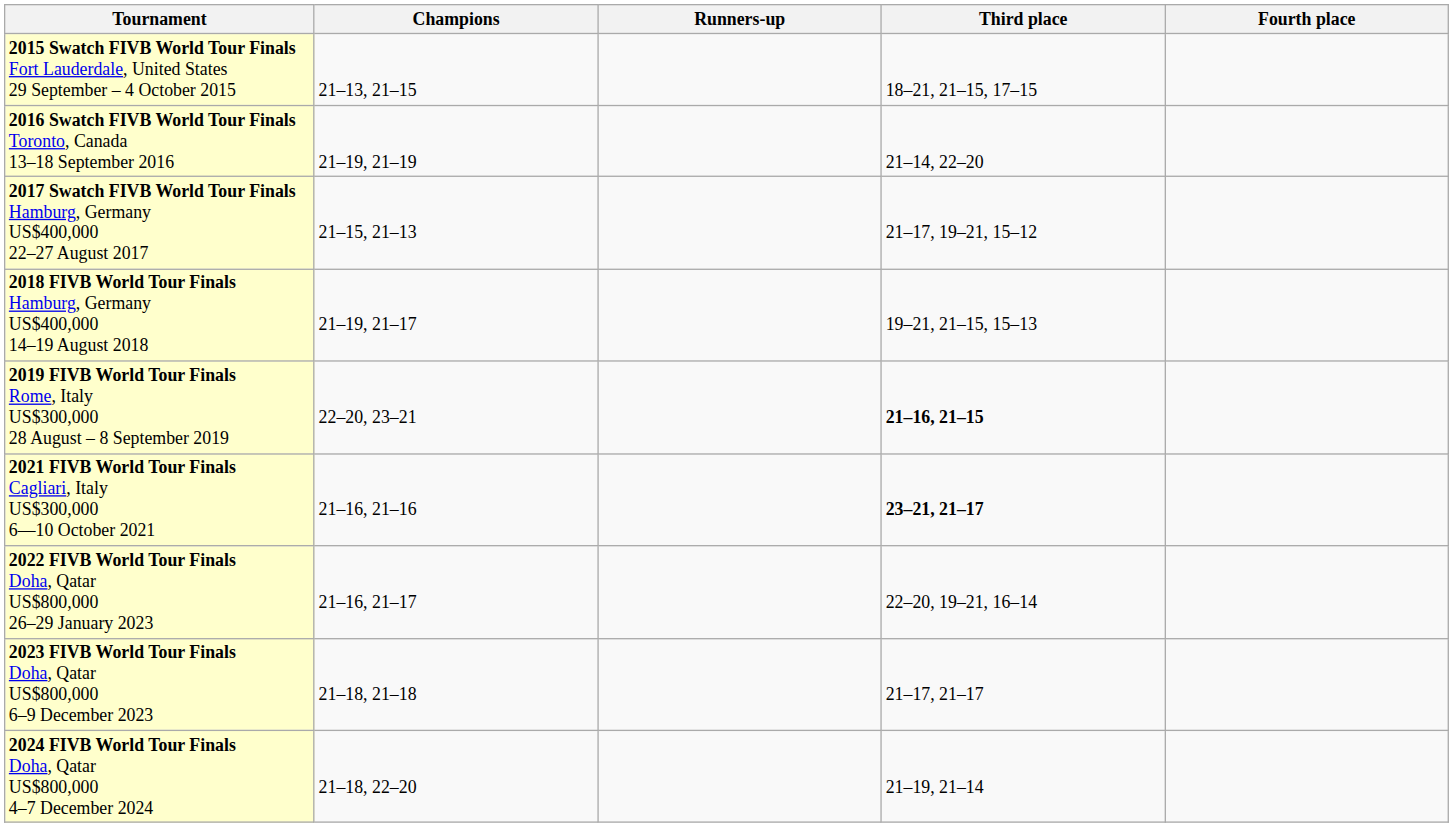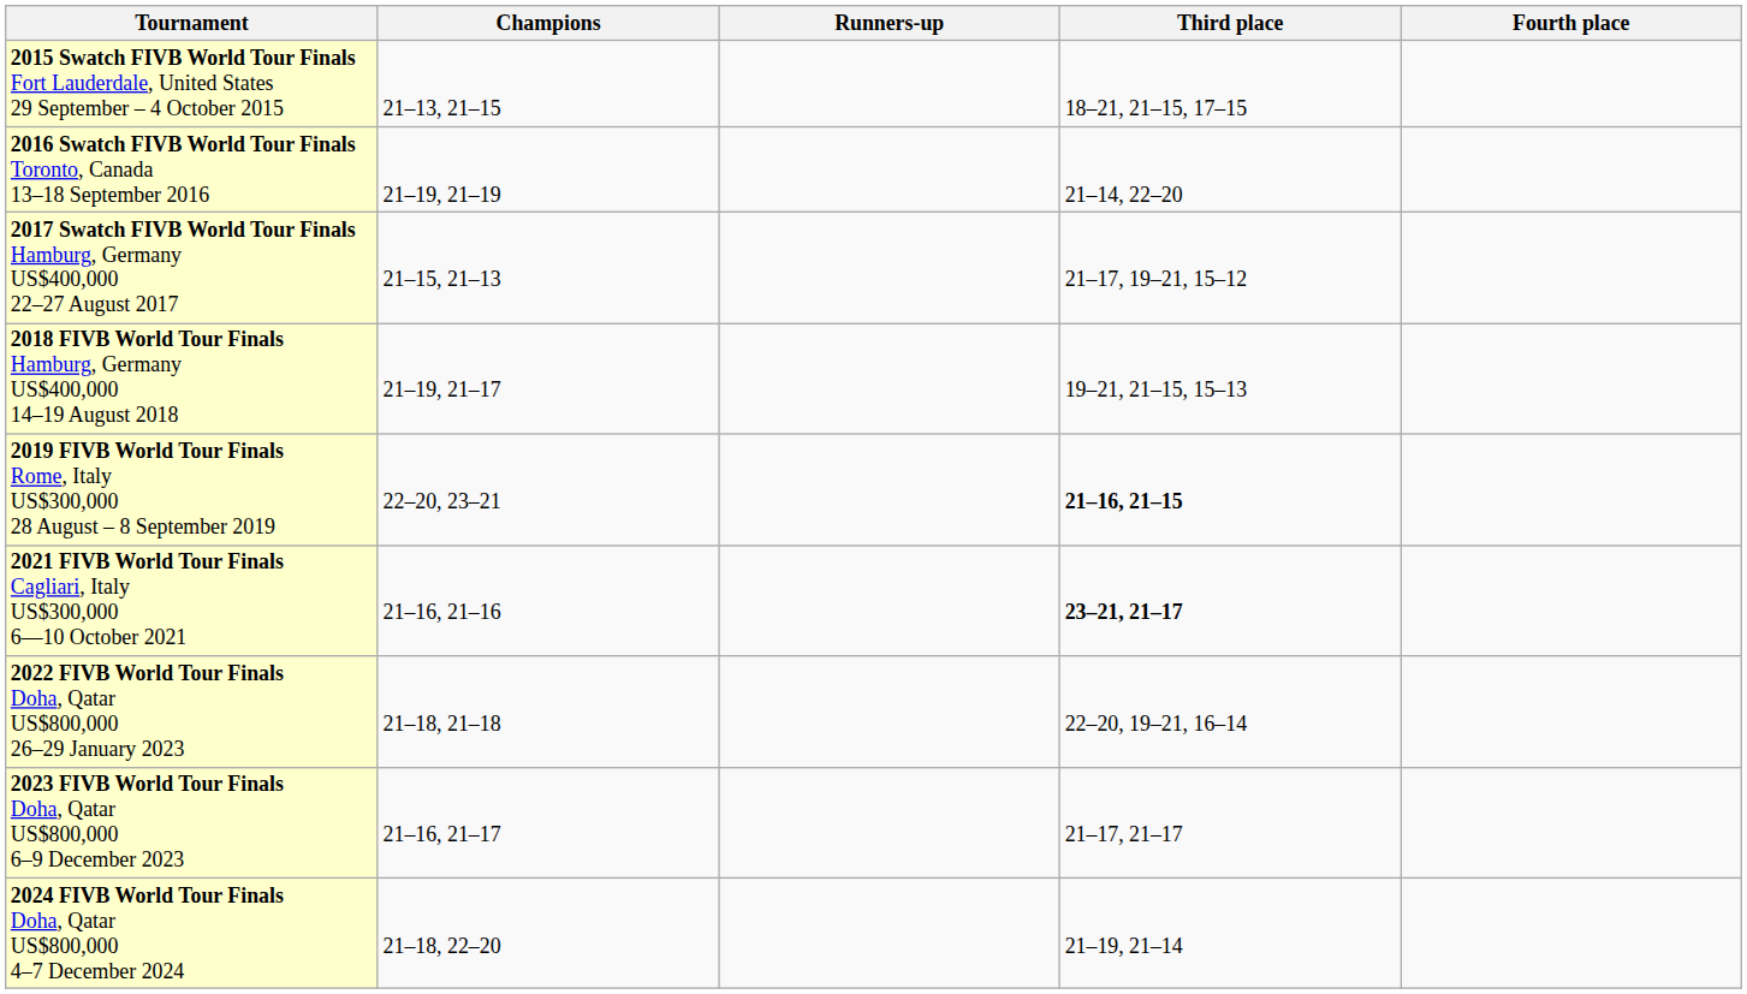 <table class=wikitable style=font-size:85%>
 <tr>
 <th width=230>Tournament</th>
 <th width=210>Champions</th>
 <th width=210>Runners-up</th>
 <th width=210>Third place</th>
 <th width=210>Fourth place</th>
 </tr>
 <tr valign=top>
 <td style="background:#ffffcc;"><strong>2015 Swatch FIVB World Tour Finals</strong><br><a href='#'>Fort Lauderdale</a>, United States<br>29 September – 4 October 2015</td>
 <td><br><br>21–13, 21–15</td>
 <td><br></td>
 <td><br><br>18–21, 21–15, 17–15</td>
 <td><br> </td>
 </tr>
 <tr valign=top>
 <td style="background:#ffffcc;"><strong>2016 Swatch FIVB World Tour Finals</strong><br><a href='#'>Toronto</a>, Canada<br>13–18 September 2016</td>
 <td><br><br>21–19, 21–19</td>
 <td><br></td>
 <td><br><br>21–14, 22–20</td>
 <td><br></td>
 </tr>
 <tr valign=top>
 <td style="background:#ffffcc;"><strong>2017 Swatch FIVB World Tour Finals</strong><br><a href='#'>Hamburg</a>, Germany<br>US$400,000<br>22–27 August 2017</td>
 <td><br><br>21–15, 21–13</td>
 <td><br></td>
 <td><br><br>21–17, 19–21, 15–12</td>
 <td><br> </td>
 </tr>
 <tr valign=top>
 <td style="background:#ffffcc;"><strong>2018 FIVB World Tour Finals</strong><br><a href='#'>Hamburg</a>, Germany<br>US$400,000<br>14–19 August 2018</td>
 <td><br><br>21–19, 21–17</td>
 <td><br></td>
 <td><br> <br>19–21, 21–15, 15–13</td>
 <td><br> </td>
 </tr>
 <tr valign=top>
 <td style="background:#ffffcc;"><strong>2019 FIVB World Tour Finals</strong><br><a href='#'>Rome</a>, Italy<br>US$300,000<br>28 August – 8 September 2019</td>
 <td><br><br>22–20, 23–21</td>
 <td><br> </td>
 <td><strong><br><br>21–16, 21–15</strong></td>
 <td><br> </td>
 </tr>
 <tr valign=top>
 <td style="background:#ffffcc;"><strong>2021 FIVB World Tour Finals</strong><br><a href='#'>Cagliari</a>, Italy<br>US$300,000 <br>6—10 October 2021</td>
 <td><br><br>21–16, 21–16</td>
 <td><br></td>
 <td><strong><br><br>23–21, 21–17</strong></td>
 <td><br></td>
 </tr>
 <tr valign=top>
 <td style="background:#ffffcc;"><strong>2022 FIVB World Tour Finals</strong><br><a href='#'>Doha</a>, Qatar<br>US$800,000<br>26–29 January 2023</td>
-<td><br><br>21–16, 21–17</td>
+<td><br><br>21–18, 21–18</td>
 <td><br></td>
 <td><br><br>22–20, 19–21, 16–14</td>
 <td><br></td>
 </tr>
 <tr valign=top>
 <td style="background:#ffffcc;"><strong>2023 FIVB World Tour Finals</strong><br><a href='#'>Doha</a>, Qatar<br>US$800,000<br>6–9 December 2023</td>
-<td><br><br>21–18, 21–18</td>
+<td><br><br>21–16, 21–17</td>
 <td><br></td>
 <td><br><br>21–17, 21–17</td>
 <td><br></td>
 </tr>
 <tr valign=top>
 <td style="background:#ffffcc;"><strong>2024 FIVB World Tour Finals</strong><br><a href='#'>Doha</a>, Qatar<br>US$800,000<br>4–7 December 2024</td>
 <td><br><br>21–18, 22–20</td>
 <td><br></td>
 <td><br><br>21–19, 21–14</td>
 <td><br></td>
 </tr>
 </table>
